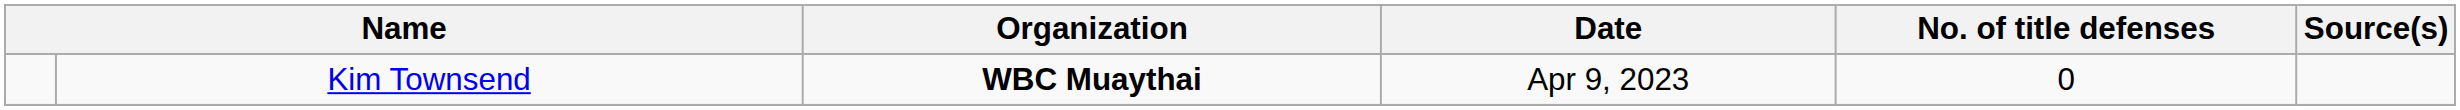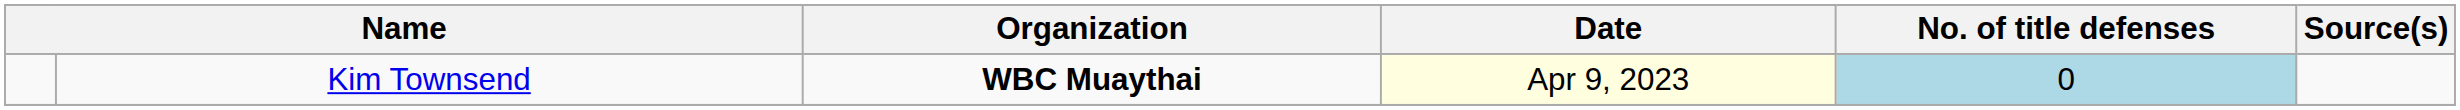 <table class="wikitable" style="width:99%; text-align:center;">
 <tr>
 <th colspan="2" style="width:35%;">Name</th>
 <th style="width:25%;">Organization</th>
 <th width=20%>Date</th>
 <th width=20%>No. of title defenses</th>
 <th>Source(s)</th>
 </tr>
 <tr>
 <td><br></td>
 <td><a href='#'>Kim Townsend</a></td>
 <td><strong>WBC Muaythai</strong></td>
-<td>Apr 9, 2023</td>
-<td>0</td>
+<td style="background: lightyellow;">Apr 9, 2023</td>
+<td style="background: lightblue;">0</td>
 <td></td>
 </tr>
 <tr>
 </tr>
 </table>
